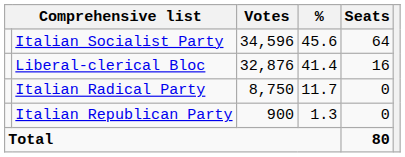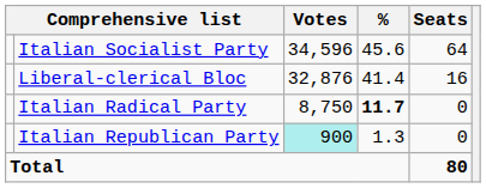 <table class="wikitable">
 <tr>
 <th colspan=2>Comprehensive list</th>
 <th>Votes</th>
 <th>%</th>
 <th>Seats</th>
 <th rowspan=6></th>
 </tr>
 <tr>
 <td style="background-color:"></td>
 <td><a href='#'>Italian Socialist Party</a></td>
 <td align=right>34,596</td>
 <td align=right>45.6</td>
 <td align=right>64</td>
 </tr>
 <tr>
 <td style="background-color:"></td>
 <td><a href='#'>Liberal-clerical Bloc</a></td>
 <td align=right>32,876</td>
 <td align=right>41.4</td>
 <td align=right>16</td>
 </tr>
 <tr>
 <td style="background-color:"></td>
 <td><a href='#'>Italian Radical Party</a></td>
 <td align=right>8,750</td>
-<td align=right>11.7</td>
+<td align=right><strong>11.7</strong></td>
 <td align=right>0</td>
 </tr>
 <tr>
 <td style="background-color:"></td>
 <td><a href='#'>Italian Republican Party</a></td>
-<td align=right>900</td>
+<td align=right style="background: paleturquoise;">900</td>
 <td align=right>1.3</td>
 <td align=right>0</td>
 </tr>
 <tr>
 <td colspan=4><strong>Total</strong></td>
 <td align=right><strong>80</strong></td>
 </tr>
 </table>
